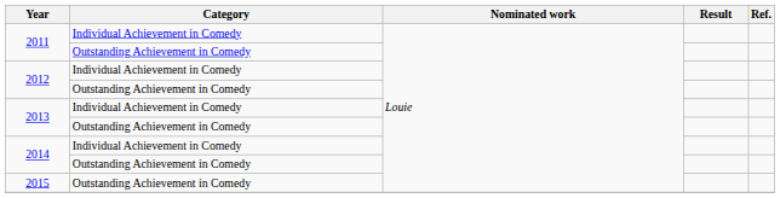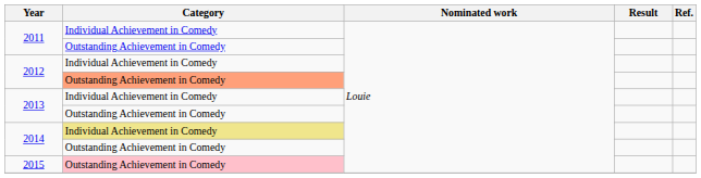 <table class=wikitable>
 <tr>
 <th scope="col" style="width:5em;">Year</th>
 <th scope="col" style="width:26em;">Category</th>
 <th scope="col" style="width:25em;">Nominated work</th>
 <th scope="col" style="width:5em;">Result</th>
 <th>Ref.</th>
 </tr>
 <tr>
 <td style="text-align:center;", rowspan=2><a href='#'>2011</a></td>
 <td><a href='#'>Individual Achievement in Comedy</a></td>
 <td rowspan=9><em>Louie</em></td>
 <td></td>
 <td style="text-align: center;"></td>
 </tr>
 <tr>
 <td><a href='#'>Outstanding Achievement in Comedy</a></td>
 <td></td>
 <td style="text-align: center;"></td>
 </tr>
 <tr>
 <td style="text-align:center;", rowspan=2><a href='#'>2012</a></td>
 <td>Individual Achievement in Comedy</td>
 <td></td>
 <td style="text-align: center;"></td>
 </tr>
 <tr>
-<td>Outstanding Achievement in Comedy</td>
+<td style="background: lightsalmon;">Outstanding Achievement in Comedy</td>
 <td></td>
 <td style="text-align: center;"></td>
 </tr>
 <tr>
 <td style="text-align:center;", rowspan=2><a href='#'>2013</a></td>
 <td>Individual Achievement in Comedy</td>
 <td></td>
 <td style="text-align: center;"></td>
 </tr>
 <tr>
 <td>Outstanding Achievement in Comedy</td>
 <td></td>
 <td style="text-align: center;"></td>
 </tr>
 <tr>
 <td style="text-align:center;", rowspan=2><a href='#'>2014</a></td>
-<td>Individual Achievement in Comedy</td>
+<td style="background: khaki;">Individual Achievement in Comedy</td>
 <td></td>
 <td style="text-align: center;"></td>
 </tr>
 <tr>
 <td>Outstanding Achievement in Comedy</td>
 <td></td>
 <td style="text-align: center;"></td>
 </tr>
 <tr>
 <td style="text-align:center;"><a href='#'>2015</a></td>
-<td>Outstanding Achievement in Comedy</td>
+<td style="background: pink;">Outstanding Achievement in Comedy</td>
 <td></td>
 <td style="text-align: center;"></td>
 </tr>
 <tr>
 </tr>
 </table>
